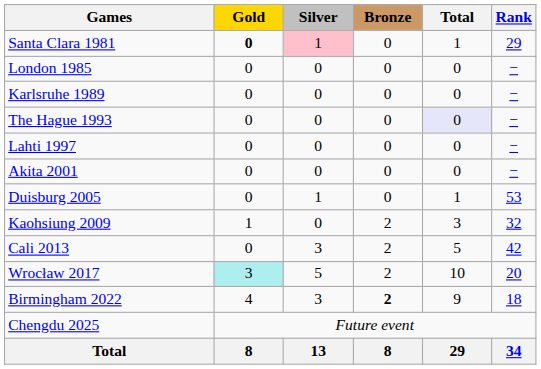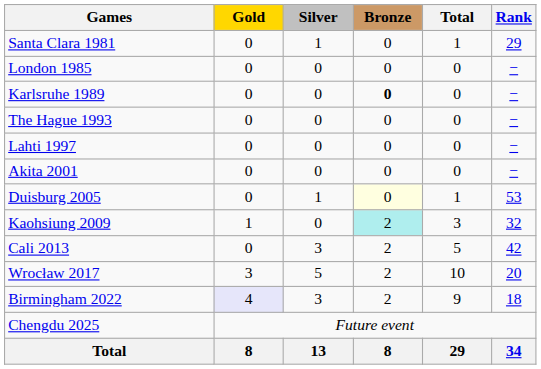 <table class="wikitable" style="text-align:center; font-size:90%;">
 <tr>
 <th style="width:13em;">Games</th>
 <th style="width:4em; background:gold;">Gold</th>
 <th style="width:4em; background:silver;">Silver</th>
 <th style="width:4em; background:#cc9966;">Bronze</th>
 <th style="width:4em;">Total</th>
 <th style="width:2em;"><a href='#'>Rank</a></th>
 </tr>
 <tr>
 <td align=left> <a href='#'>Santa Clara 1981</a></td>
-<td><strong>0</strong></td>
-<td style="background: pink;">1</td>
+<td>0</td>
+<td>1</td>
 <td>0</td>
 <td>1</td>
 <td><a href='#'>29</a></td>
 </tr>
 <tr>
 <td align=left> <a href='#'>London 1985</a></td>
 <td>0</td>
 <td>0</td>
 <td>0</td>
 <td>0</td>
 <td><a href='#'>−</a></td>
 </tr>
 <tr>
 <td align=left> <a href='#'>Karlsruhe 1989</a></td>
 <td>0</td>
 <td>0</td>
-<td>0</td>
+<td><strong>0</strong></td>
 <td>0</td>
 <td><a href='#'>−</a></td>
 </tr>
 <tr>
 <td align=left> <a href='#'>The Hague 1993</a></td>
 <td>0</td>
 <td>0</td>
 <td>0</td>
-<td style="background: lavender;">0</td>
+<td>0</td>
 <td><a href='#'>−</a></td>
 </tr>
 <tr>
 <td align=left> <a href='#'>Lahti 1997</a></td>
 <td>0</td>
 <td>0</td>
 <td>0</td>
 <td>0</td>
 <td><a href='#'>−</a></td>
 </tr>
 <tr>
 <td align=left> <a href='#'>Akita 2001</a></td>
 <td>0</td>
 <td>0</td>
 <td>0</td>
 <td>0</td>
 <td><a href='#'>−</a></td>
 </tr>
 <tr>
 <td align=left> <a href='#'>Duisburg 2005</a></td>
 <td>0</td>
 <td>1</td>
-<td>0</td>
+<td style="background: lightyellow;">0</td>
 <td>1</td>
 <td><a href='#'>53</a></td>
 </tr>
 <tr>
 <td align=left> <a href='#'>Kaohsiung 2009</a></td>
 <td>1</td>
 <td>0</td>
-<td>2</td>
+<td style="background: paleturquoise;">2</td>
 <td>3</td>
 <td><a href='#'>32</a></td>
 </tr>
 <tr>
 <td align=left> <a href='#'>Cali 2013</a></td>
 <td>0</td>
 <td>3</td>
 <td>2</td>
 <td>5</td>
 <td><a href='#'>42</a></td>
 </tr>
 <tr>
 <td align=left> <a href='#'>Wrocław 2017</a></td>
-<td style="background: paleturquoise;">3</td>
+<td>3</td>
 <td>5</td>
 <td>2</td>
 <td>10</td>
 <td><a href='#'>20</a></td>
 </tr>
 <tr>
 <td align=left> <a href='#'>Birmingham 2022</a></td>
-<td>4</td>
+<td style="background: lavender;">4</td>
 <td>3</td>
-<td><strong>2</strong></td>
+<td>2</td>
 <td>9</td>
 <td><a href='#'>18</a></td>
 </tr>
 <tr>
 <td align=left> <a href='#'>Chengdu 2025</a></td>
 <td colspan=5><em>Future event</em></td>
 </tr>
 <tr>
 <th>Total</th>
 <th>8</th>
 <th>13</th>
 <th>8</th>
 <th>29</th>
 <th><a href='#'>34</a></th>
 </tr>
 </table>
